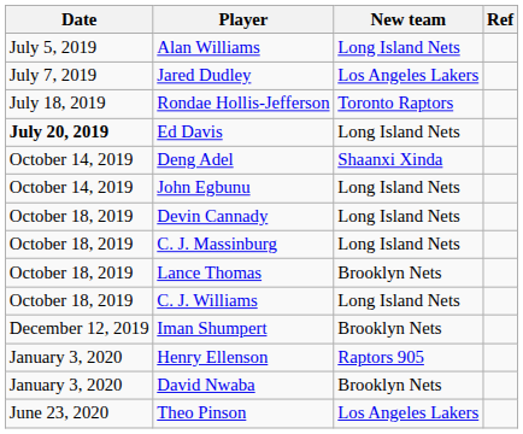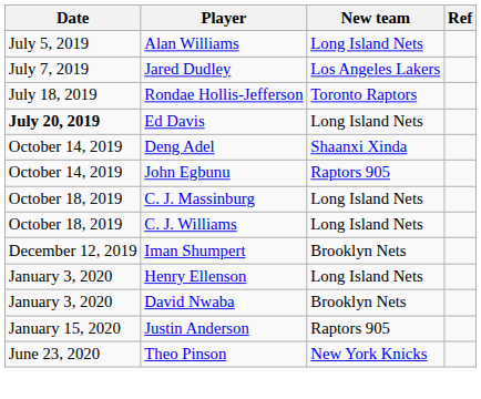 <table class="wikitable" style="text-align:left;">
 <tr>
 <th>Date</th>
 <th>Player</th>
 <th>New team</th>
 <th>Ref</th>
 </tr>
 <tr>
 <td>July 5, 2019</td>
 <td><a href='#'>Alan Williams</a></td>
 <td><a href='#'>Long Island Nets</a></td>
 <td></td>
 </tr>
 <tr>
 <td>July 7, 2019</td>
 <td><a href='#'>Jared Dudley</a></td>
 <td><a href='#'>Los Angeles Lakers</a></td>
 <td></td>
 </tr>
 <tr>
 <td>July 18, 2019</td>
 <td><a href='#'>Rondae Hollis-Jefferson</a></td>
 <td><a href='#'>Toronto Raptors</a></td>
 <td></td>
 </tr>
 <tr>
 <td><strong>July 20, 2019</strong></td>
 <td><a href='#'>Ed Davis</a></td>
 <td>Long Island Nets</td>
 <td></td>
 </tr>
 <tr>
 <td>October 14, 2019</td>
 <td><a href='#'>Deng Adel</a></td>
 <td><a href='#'>Shaanxi Xinda</a></td>
 <td></td>
 </tr>
 <tr>
 <td>October 14, 2019</td>
 <td><a href='#'>John Egbunu</a></td>
-<td>Long Island Nets</td>
-<td></td>
-</tr>
-<tr>
-<td>October 18, 2019</td>
-<td><a href='#'>Devin Cannady</a></td>
-<td>Long Island Nets</td>
+<td><a href='#'>Raptors 905</a></td>
 <td></td>
 </tr>
 <tr>
 <td>October 18, 2019</td>
 <td><a href='#'>C. J. Massinburg</a></td>
 <td>Long Island Nets</td>
-<td></td>
-</tr>
-<tr>
-<td>October 18, 2019</td>
-<td><a href='#'>Lance Thomas</a></td>
-<td>Brooklyn Nets</td>
 <td></td>
 </tr>
 <tr>
 <td>October 18, 2019</td>
 <td><a href='#'>C. J. Williams</a></td>
 <td>Long Island Nets</td>
 <td></td>
 </tr>
 <tr>
 <td>December 12, 2019</td>
 <td><a href='#'>Iman Shumpert</a></td>
 <td>Brooklyn Nets</td>
 <td></td>
 </tr>
 <tr>
 <td>January 3, 2020</td>
 <td><a href='#'>Henry Ellenson</a></td>
-<td><a href='#'>Raptors 905</a></td>
+<td>Long Island Nets</td>
 <td></td>
 </tr>
 <tr>
 <td>January 3, 2020</td>
 <td><a href='#'>David Nwaba</a></td>
 <td>Brooklyn Nets</td>
 <td></td>
 </tr>
 <tr>
+<td>January 15, 2020</td>
+<td><a href='#'>Justin Anderson</a></td>
+<td>Raptors 905</td>
+<td></td>
+</tr>
+<tr>
 <td>June 23, 2020</td>
 <td><a href='#'>Theo Pinson</a></td>
-<td><a href='#'>Los Angeles Lakers</a></td>
+<td><a href='#'>New York Knicks</a></td>
 <td></td>
 </tr>
 </table>
